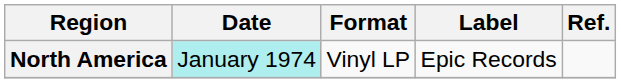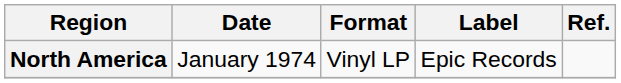 <table class="wikitable plainrowheaders">
 <tr>
 <th scope="col">Region</th>
 <th scope="col">Date</th>
 <th scope="col">Format</th>
 <th scope="col">Label</th>
 <th scope="col">Ref.</th>
 </tr>
 <tr>
 <th scope="row">North America</th>
-<td style="background: paleturquoise;">January 1974</td>
+<td>January 1974</td>
 <td>Vinyl LP</td>
 <td>Epic Records</td>
 <td></td>
 </tr>
 <tr>
 </tr>
 </table>
